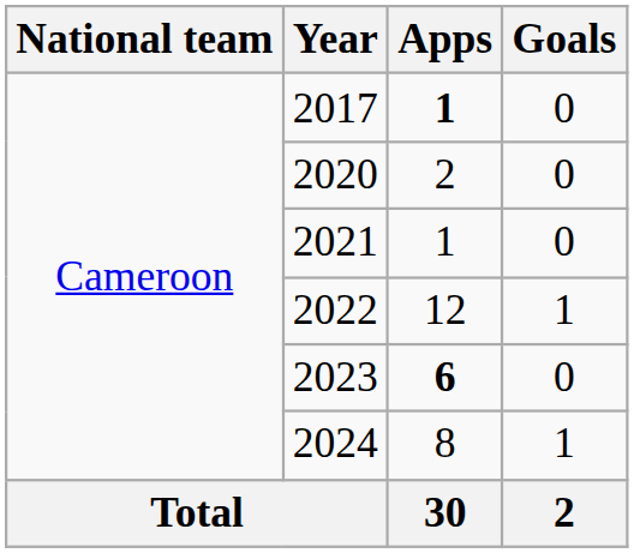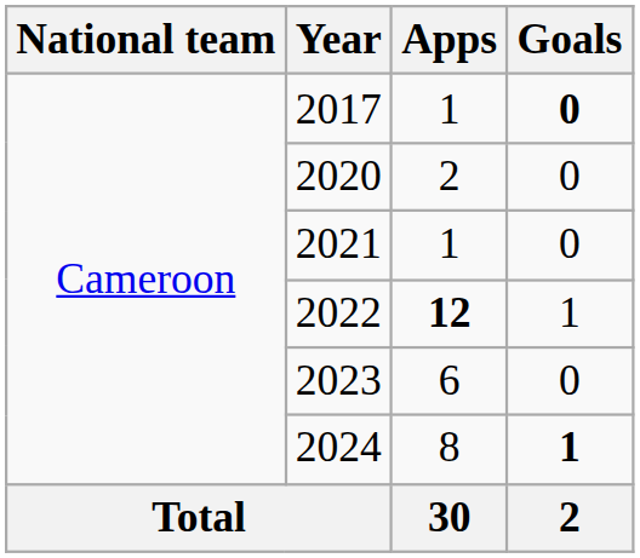 <table class="wikitable" style="text-align:center">
 <tr>
 <th>National team</th>
 <th>Year</th>
 <th>Apps</th>
 <th>Goals</th>
 </tr>
 <tr>
 <td rowspan="6"><a href='#'>Cameroon</a></td>
 <td>2017</td>
-<td><strong>1</strong></td>
-<td>0</td>
+<td>1</td>
+<td><strong>0</strong></td>
 </tr>
 <tr>
 <td>2020</td>
 <td>2</td>
 <td>0</td>
 </tr>
 <tr>
 <td>2021</td>
 <td>1</td>
 <td>0</td>
 </tr>
 <tr>
 <td>2022</td>
-<td>12</td>
+<td><strong>12</strong></td>
 <td>1</td>
 </tr>
 <tr>
 <td>2023</td>
-<td><strong>6</strong></td>
+<td>6</td>
 <td>0</td>
 </tr>
 <tr>
 <td>2024</td>
 <td>8</td>
-<td>1</td>
+<td><strong>1</strong></td>
 </tr>
 <tr>
 <th colspan="2">Total</th>
 <th>30</th>
 <th>2</th>
 </tr>
 </table>
